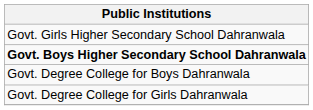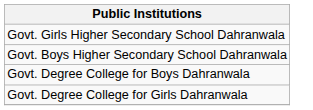 <table class="wikitable">
 <tr>
 <th>Public Institutions</th>
 </tr>
 <tr>
 <td>Govt. Girls Higher Secondary School Dahranwala</td>
 </tr>
 <tr>
-<td><strong>Govt. Boys Higher Secondary School Dahranwala</strong></td>
+<td>Govt. Boys Higher Secondary School Dahranwala</td>
 </tr>
 <tr>
 <td>Govt. Degree College for Boys Dahranwala</td>
 </tr>
 <tr>
 <td>Govt. Degree College for Girls Dahranwala</td>
 </tr>
 <tr>
 </tr>
 </table>
